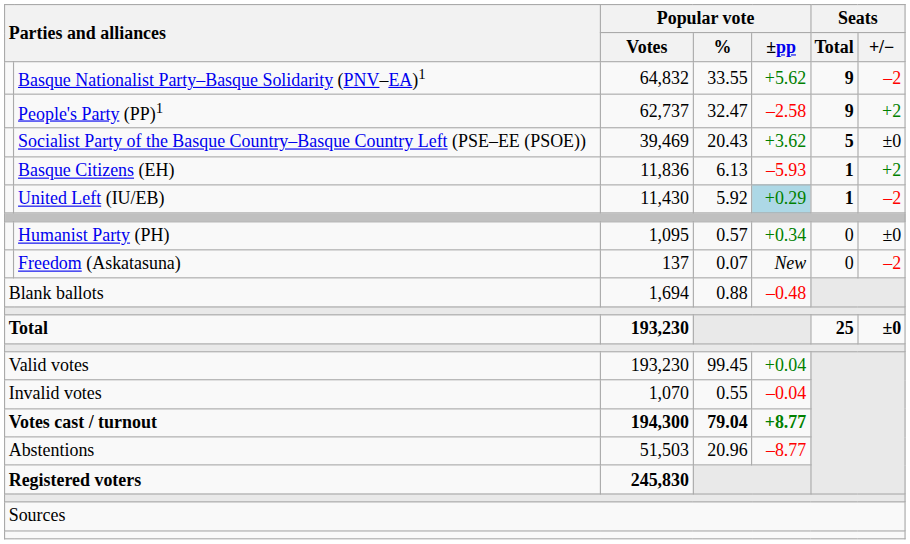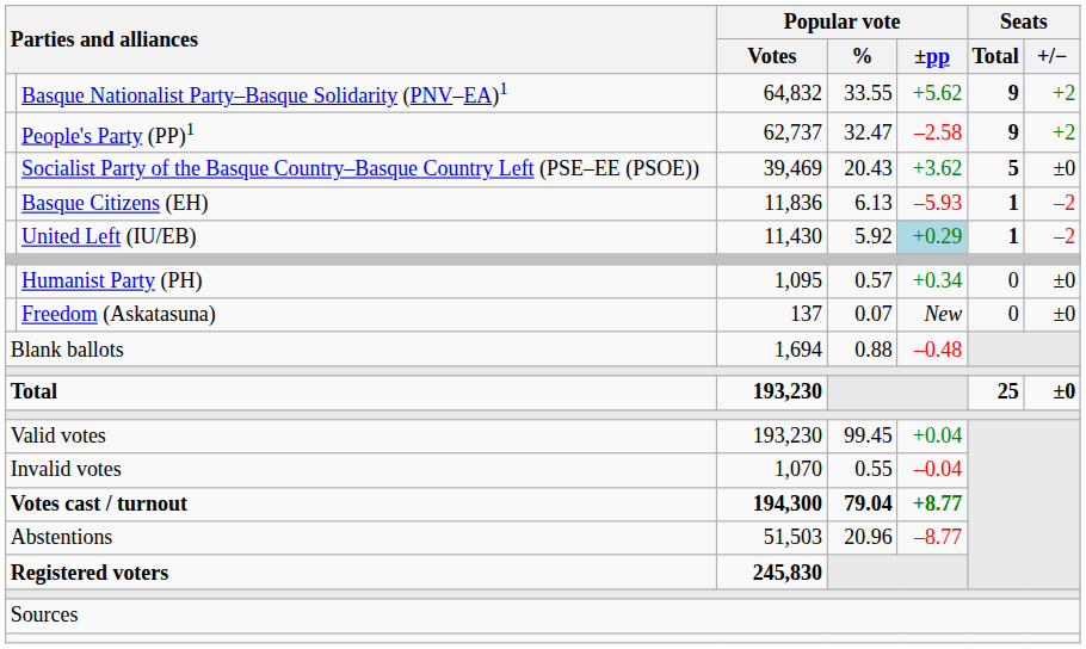 <table class="wikitable" style="text-align:right;">
 <tr>
 <th style="text-align:left;" rowspan="2" colspan="2" width="525">Parties and alliances</th>
 <th colspan="3">Popular vote</th>
 <th colspan="2">Seats</th>
 </tr>
 <tr>
 <th width="75">Votes</th>
 <th width="45">%</th>
 <th width="45">±<a href='#'>pp</a></th>
 <th width="35">Total</th>
 <th width="35">+/−</th>
 </tr>
 <tr>
 <td width="1" style="color:inherit;background:"></td>
 <td align="left"><a href='#'>Basque Nationalist Party–Basque Solidarity</a> (<a href='#'>PNV</a>–<a href='#'>EA</a>)<sup>1</sup></td>
 <td>64,832</td>
 <td>33.55</td>
 <td style="color:green;">+5.62</td>
 <td><strong>9</strong></td>
-<td style="color:red;">–2</td>
+<td style="color:green;">+2</td>
 </tr>
 <tr>
 <td style="color:inherit;background:"></td>
 <td align="left"><a href='#'>People's Party</a> (PP)<sup>1</sup></td>
 <td>62,737</td>
 <td>32.47</td>
 <td style="color:red;">–2.58</td>
 <td><strong>9</strong></td>
 <td style="color:green;">+2</td>
 </tr>
 <tr>
 <td style="color:inherit;background:"></td>
 <td align="left"><a href='#'>Socialist Party of the Basque Country–Basque Country Left</a> (PSE–EE (PSOE))</td>
 <td>39,469</td>
 <td>20.43</td>
 <td style="color:green;">+3.62</td>
 <td><strong>5</strong></td>
 <td>±0</td>
 </tr>
 <tr>
 <td style="color:inherit;background:"></td>
 <td align="left"><a href='#'>Basque Citizens</a> (EH)</td>
 <td>11,836</td>
 <td>6.13</td>
 <td style="color:red;">–5.93</td>
 <td><strong>1</strong></td>
-<td style="color:green;">+2</td>
+<td style="color:red;">–2</td>
 </tr>
 <tr>
 <td style="color:inherit;background:"></td>
 <td align="left"><a href='#'>United Left</a> (IU/EB)</td>
 <td>11,430</td>
 <td>5.92</td>
 <td style="background: lightblue; color:green;">+0.29</td>
 <td><strong>1</strong></td>
 <td style="color:red;">–2</td>
 </tr>
 <tr>
 <td colspan="7" bgcolor="#C0C0C0"></td>
 </tr>
 <tr>
 <td style="color:inherit;background:"></td>
 <td align="left"><a href='#'>Humanist Party</a> (PH)</td>
 <td>1,095</td>
 <td>0.57</td>
 <td style="color:green;">+0.34</td>
 <td>0</td>
 <td>±0</td>
 </tr>
 <tr>
 <td style="color:inherit;background:"></td>
 <td align="left"><a href='#'>Freedom</a> (Askatasuna)</td>
 <td>137</td>
 <td>0.07</td>
 <td><em>New</em></td>
 <td>0</td>
-<td style="color:red;">–2</td>
+<td>±0</td>
 </tr>
 <tr>
 <td align="left" colspan="2">Blank ballots</td>
 <td>1,694</td>
 <td>0.88</td>
 <td style="color:red;">–0.48</td>
 <td bgcolor="#E9E9E9" colspan="2"></td>
 </tr>
 <tr>
 <td colspan="7" bgcolor="#E9E9E9"></td>
 </tr>
 <tr style="font-weight:bold;">
 <td align="left" colspan="2">Total</td>
 <td>193,230</td>
 <td bgcolor="#E9E9E9" colspan="2"></td>
 <td>25</td>
 <td>±0</td>
 </tr>
 <tr>
 <td colspan="7" bgcolor="#E9E9E9"></td>
 </tr>
 <tr>
 <td align="left" colspan="2">Valid votes</td>
 <td>193,230</td>
 <td>99.45</td>
 <td style="color:green;">+0.04</td>
 <td bgcolor="#E9E9E9" colspan="2" rowspan="5"></td>
 </tr>
 <tr>
 <td align="left" colspan="2">Invalid votes</td>
 <td>1,070</td>
 <td>0.55</td>
 <td style="color:red;">–0.04</td>
 </tr>
 <tr style="font-weight:bold;">
 <td align="left" colspan="2">Votes cast / turnout</td>
 <td>194,300</td>
 <td>79.04</td>
 <td style="color:green;">+8.77</td>
 </tr>
 <tr>
 <td align="left" colspan="2">Abstentions</td>
 <td>51,503</td>
 <td>20.96</td>
 <td style="color:red;">–8.77</td>
 </tr>
 <tr style="font-weight:bold;">
 <td align="left" colspan="2">Registered voters</td>
 <td>245,830</td>
 <td bgcolor="#E9E9E9" colspan="2"></td>
 </tr>
 <tr>
 <td colspan="7" bgcolor="#E9E9E9"></td>
 </tr>
 <tr>
 <td align="left" colspan="7">Sources</td>
 </tr>
 <tr>
 <td colspan="7" style="text-align:left; max-width:790px;"></td>
 </tr>
 </table>
